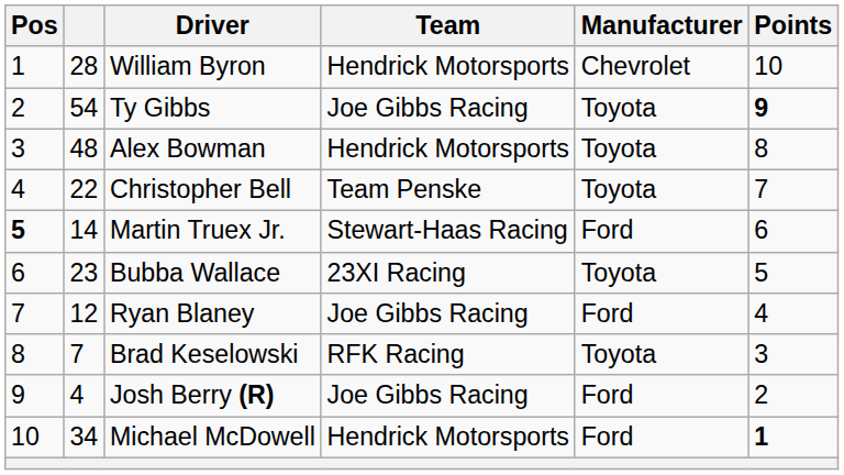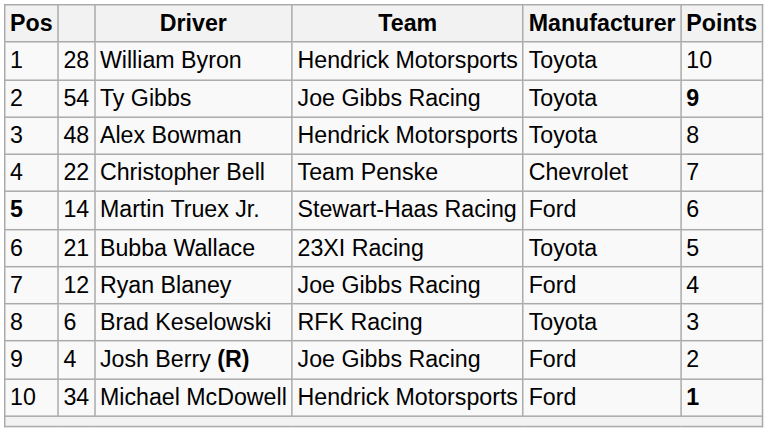 <table class="wikitable" style="font-size:98%">
 <tr>
 <th>Pos</th>
 <th></th>
 <th>Driver</th>
 <th>Team</th>
 <th>Manufacturer</th>
 <th>Points</th>
 </tr>
 <tr>
 <td>1</td>
 <td>28</td>
 <td>William Byron</td>
 <td>Hendrick Motorsports</td>
-<td>Chevrolet</td>
+<td>Toyota</td>
 <td>10</td>
 </tr>
 <tr>
 <td>2</td>
 <td>54</td>
 <td>Ty Gibbs</td>
 <td>Joe Gibbs Racing</td>
 <td>Toyota</td>
 <td><strong>9</strong></td>
 </tr>
 <tr>
 <td>3</td>
 <td>48</td>
 <td>Alex Bowman</td>
 <td>Hendrick Motorsports</td>
 <td>Toyota</td>
 <td>8</td>
 </tr>
 <tr>
 <td>4</td>
 <td>22</td>
 <td>Christopher Bell</td>
 <td>Team Penske</td>
-<td>Toyota</td>
+<td>Chevrolet</td>
 <td>7</td>
 </tr>
 <tr>
 <td><strong>5</strong></td>
 <td>14</td>
 <td>Martin Truex Jr.</td>
 <td>Stewart-Haas Racing</td>
 <td>Ford</td>
 <td>6</td>
 </tr>
 <tr>
 <td>6</td>
-<td>23</td>
+<td>21</td>
 <td>Bubba Wallace</td>
 <td>23XI Racing</td>
 <td>Toyota</td>
 <td>5</td>
 </tr>
 <tr>
 <td>7</td>
 <td>12</td>
 <td>Ryan Blaney</td>
 <td>Joe Gibbs Racing</td>
 <td>Ford</td>
 <td>4</td>
 </tr>
 <tr>
 <td>8</td>
-<td>7</td>
+<td>6</td>
 <td>Brad Keselowski</td>
 <td>RFK Racing</td>
 <td>Toyota</td>
 <td>3</td>
 </tr>
 <tr>
 <td>9</td>
 <td>4</td>
 <td>Josh Berry <strong>(R)</strong></td>
 <td>Joe Gibbs Racing</td>
 <td>Ford</td>
 <td>2</td>
 </tr>
 <tr>
 <td>10</td>
 <td>34</td>
 <td>Michael McDowell</td>
 <td>Hendrick Motorsports</td>
 <td>Ford</td>
 <td><strong>1</strong></td>
 </tr>
 <tr>
 <th colspan="6"></th>
 </tr>
 </table>
